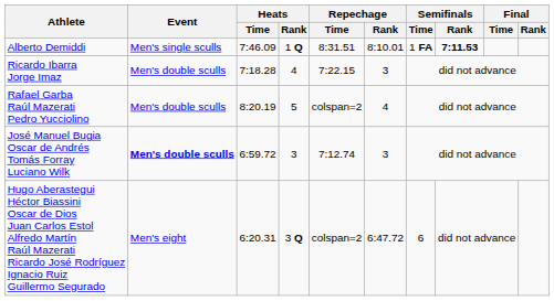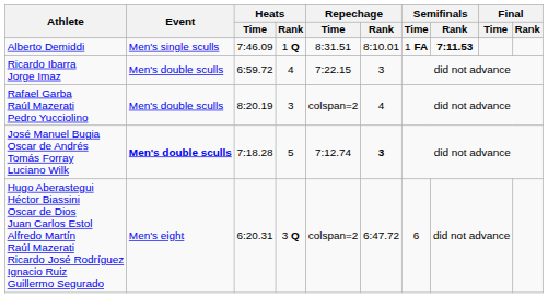 <table class="wikitable" style="font-size:90%">
 <tr>
 <th rowspan="2">Athlete</th>
 <th rowspan="2">Event</th>
 <th colspan="2">Heats</th>
 <th colspan="2">Repechage</th>
 <th colspan="2">Semifinals</th>
 <th colspan="2">Final</th>
 </tr>
 <tr style="font-size:95%">
 <th>Time</th>
 <th>Rank</th>
 <th>Time</th>
 <th>Rank</th>
 <th>Time</th>
 <th>Rank</th>
 <th>Time</th>
 <th>Rank</th>
 </tr>
 <tr align=center>
 <td align=left><a href='#'>Alberto Demiddi</a></td>
 <td align=left><a href='#'>Men's single sculls</a></td>
 <td>7:46.09</td>
 <td>1 <strong>Q</strong></td>
 <td>8:31.51</td>
 <td>8:10.01</td>
 <td>1 <strong>FA</strong></td>
 <td><strong>7:11.53</strong></td>
 <td></td>
 </tr>
 <tr align=center>
 <td align=left><a href='#'>Ricardo Ibarra</a><br><a href='#'>Jorge Imaz</a></td>
 <td align=left><a href='#'>Men's double sculls</a></td>
-<td>7:18.28</td>
+<td>6:59.72</td>
 <td>4</td>
 <td>7:22.15</td>
 <td>3</td>
 <td colspan=4>did not advance</td>
 </tr>
 <tr align=center>
 <td align=left><a href='#'>Rafael Garba</a><br><a href='#'>Raúl Mazerati</a><br><a href='#'>Pedro Yucciolino</a></td>
 <td align=left><a href='#'>Men's double sculls</a></td>
 <td>8:20.19</td>
-<td>5</td>
+<td>3</td>
 <td>colspan=2 </td>
 <td>4</td>
 <td colspan=4>did not advance</td>
 </tr>
 <tr align=center>
 <td align=left><a href='#'>José Manuel Bugia</a><br><a href='#'>Oscar de Andrés</a><br><a href='#'>Tomás Forray</a><br><a href='#'>Luciano Wilk</a></td>
 <td align=left><strong><a href='#'>Men's double sculls</a></strong></td>
-<td>6:59.72</td>
-<td>3</td>
+<td>7:18.28</td>
+<td>5</td>
 <td>7:12.74</td>
-<td>3</td>
+<td><strong>3</strong></td>
 <td colspan=4>did not advance</td>
 </tr>
 <tr align=center>
 <td align=left><a href='#'>Hugo Aberastegui</a><br><a href='#'>Héctor Biassini</a><br><a href='#'>Oscar de Dios</a><br><a href='#'>Juan Carlos Estol</a><br><a href='#'>Alfredo Martín</a><br><a href='#'>Raúl Mazerati</a><br><a href='#'>Ricardo José Rodríguez</a><br><a href='#'>Ignacio Ruiz</a><br><a href='#'>Guillermo Segurado</a></td>
 <td align=left><a href='#'>Men's eight</a></td>
 <td>6:20.31</td>
 <td>3 <strong>Q</strong></td>
 <td>colspan=2 </td>
 <td>6:47.72</td>
 <td>6</td>
 <td colspan=2>did not advance</td>
 </tr>
 </table>
